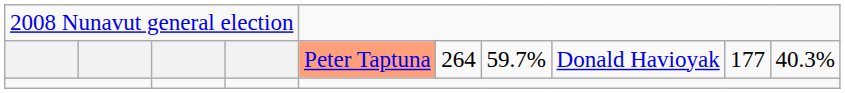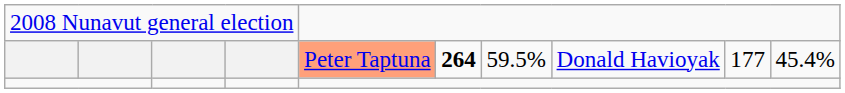 <table class="wikitable">
 <tr>
 <td colspan=4 align=center><a href='#'>2008 Nunavut general election</a></td>
 </tr>
 <tr>
 <th></th>
 <th></th>
 <th></th>
 <th><br></th>
 <td style="background: lightsalmon;"><a href='#'>Peter Taptuna</a></td>
-<td>264</td>
-<td>59.7%<br></td>
+<td><strong>264</strong></td>
+<td>59.5%<br></td>
 <td><a href='#'>Donald Havioyak</a></td>
 <td>177</td>
-<td>40.3%</td>
+<td>45.4%</td>
 </tr>
 <tr>
 <td colspan=2></td>
 <td></td>
 <td></td>
 </tr>
 </table>
